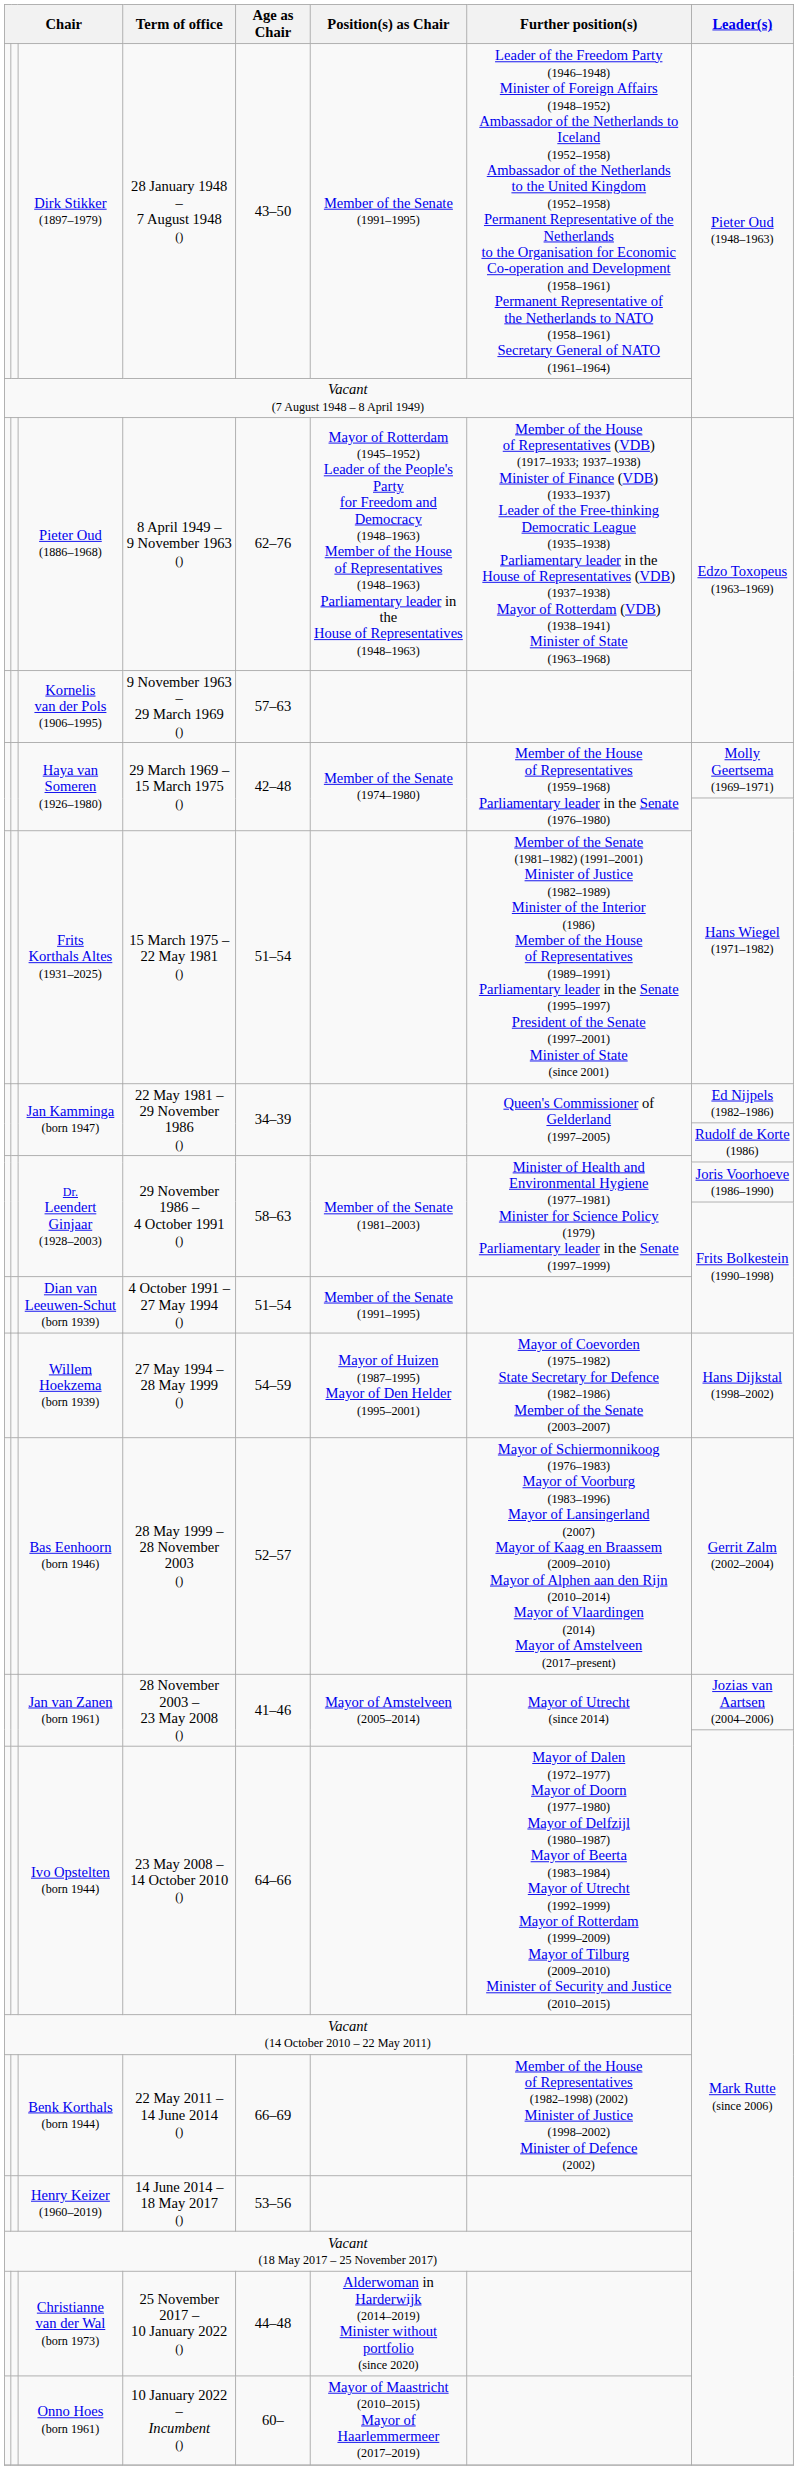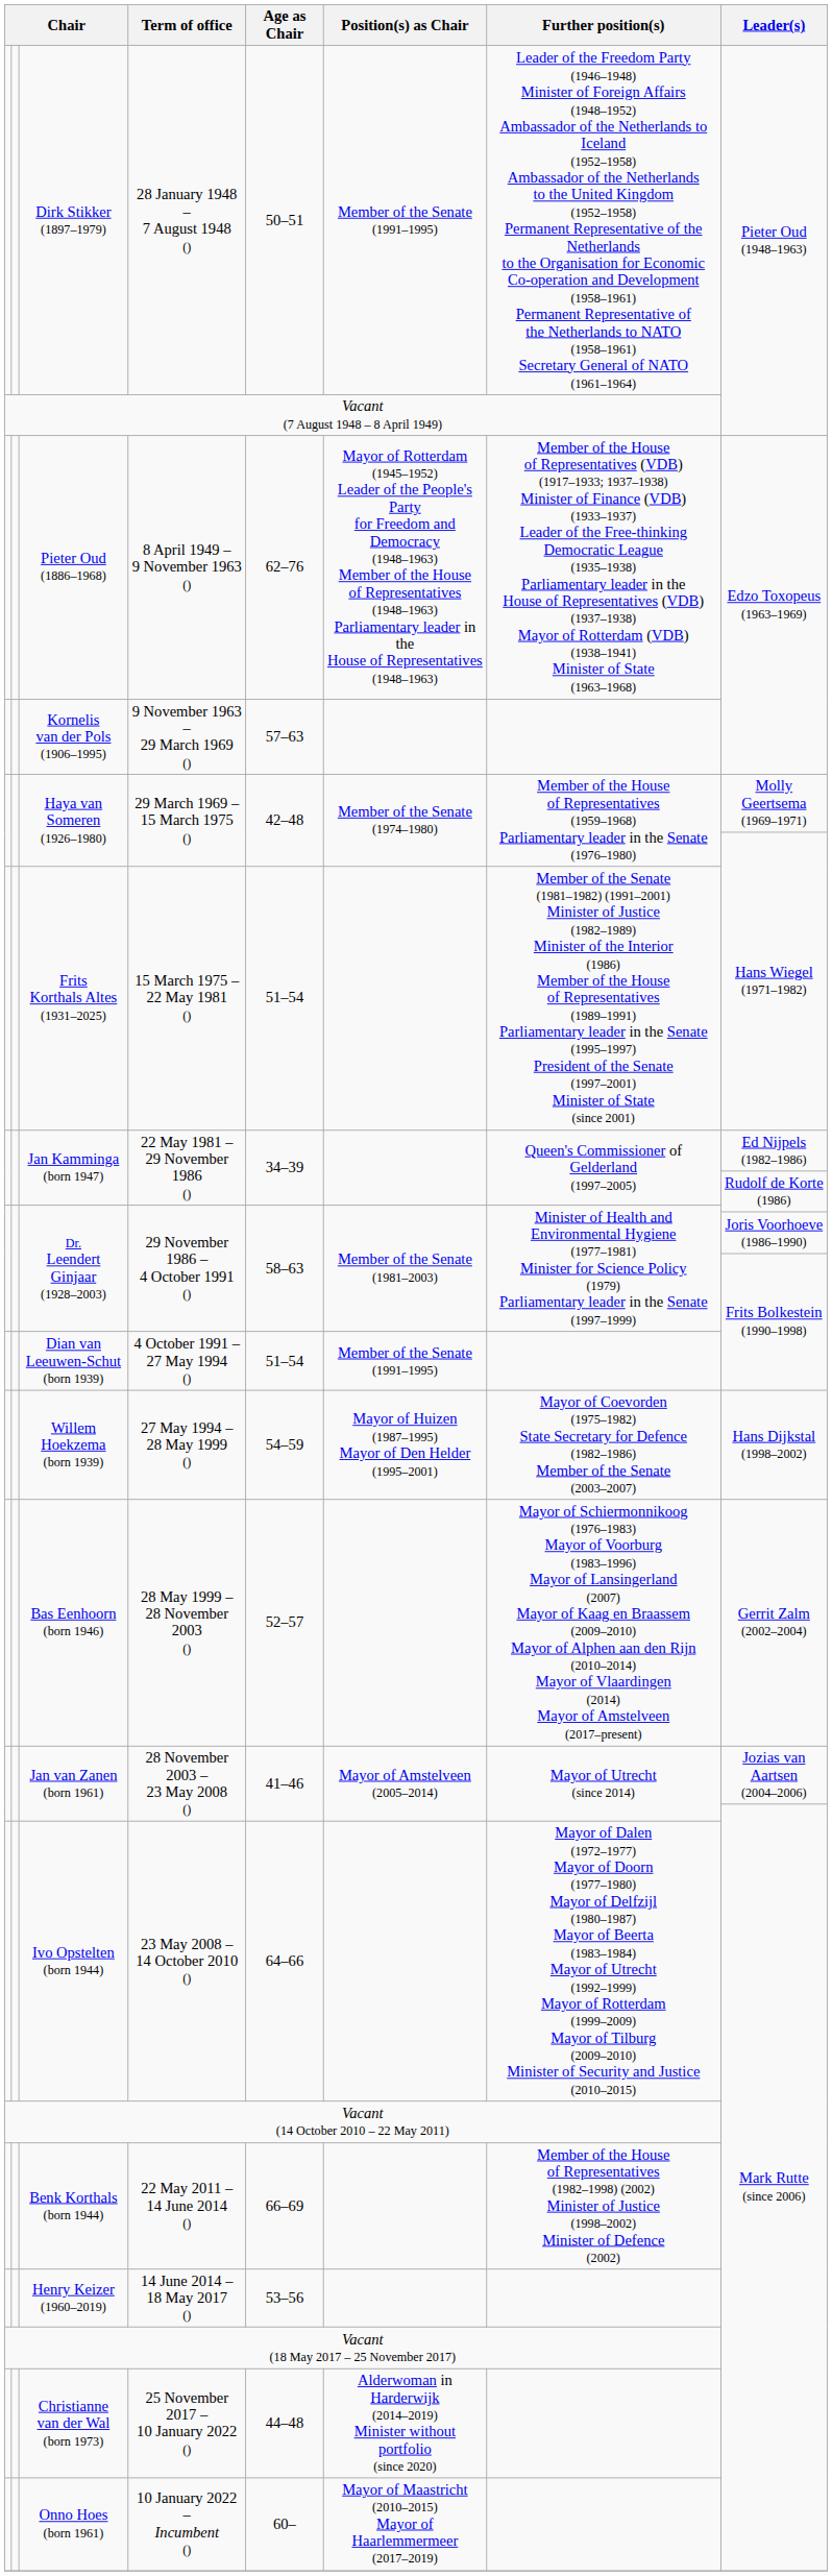 <table class="wikitable" style="text-align:center">
 <tr>
 <th colspan=3>Chair</th>
 <th>Term of office</th>
 <th>Age as Chair</th>
 <th>Position(s) as Chair</th>
 <th>Further position(s)</th>
 <th><a href='#'>Leader(s)</a></th>
 </tr>
 <tr>
 <td style="background:"></td>
 <td></td>
 <td><a href='#'>Dirk Stikker</a> <br> <small>(1897–1979)</small></td>
 <td>28 January 1948 – <br> 7 August 1948 <br> <small>()</small></td>
-<td>43–50</td>
+<td>50–51</td>
 <td><a href='#'>Member of the Senate</a> <br> <small>(1991–1995)</small></td>
 <td><a href='#'>Leader of the Freedom Party</a> <br> <small>(1946–1948)</small> <br> <a href='#'>Minister of Foreign Affairs</a> <br> <small>(1948–1952)</small> <br> <a href='#'>Ambassador of the Netherlands to Iceland</a> <br> <small>(1952–1958)</small> <br> <a href='#'>Ambassador of the Netherlands <br> to the United Kingdom</a> <br> <small>(1952–1958)</small> <br> <a href='#'>Permanent Representative of the Netherlands <br> to the Organisation for Economic <br> Co-operation and Development</a> <br> <small>(1958–1961)</small> <br> <a href='#'>Permanent Representative of <br> the Netherlands to NATO</a> <br> <small>(1958–1961)</small> <br> <a href='#'>Secretary General of NATO</a>  <br> <small>(1961–1964)</small></td>
 <td rowspan=3><a href='#'>Pieter Oud</a> <br> <small>(1948–1963)</small></td>
 </tr>
 <tr>
 <td colspan=7><em>Vacant</em> <br> <small>(7 August 1948 – 8 April 1949)</small></td>
 </tr>
 <tr>
 <td rowspan=2 style="background:"></td>
 <td rowspan=2></td>
 <td rowspan=2><a href='#'>Pieter Oud</a> <br> <small>(1886–1968)</small></td>
 <td rowspan=2>8 April 1949 – <br> 9 November 1963 <br> <small>()</small></td>
 <td rowspan=2>62–76</td>
 <td rowspan=2><a href='#'>Mayor of Rotterdam</a> <br> <small>(1945–1952)</small> <br> <a href='#'>Leader of the People's Party <br> for Freedom and Democracy</a> <br> <small>(1948–1963)</small> <br> <a href='#'>Member of the House <br> of Representatives</a> <br> <small>(1948–1963)</small> <br> <a href='#'>Parliamentary leader</a> in the <br> <a href='#'>House of Representatives</a> <br> <small>(1948–1963)</small></td>
 <td rowspan=2><a href='#'>Member of the House <br> of Representatives</a> (<a href='#'>VDB</a>) <br> <small>(1917–1933; 1937–1938)</small> <br> <a href='#'>Minister of Finance</a> (<a href='#'>VDB</a>) <br> <small>(1933–1937)</small> <br> <a href='#'>Leader of the Free-thinking <br> Democratic League</a> <br> <small>(1935–1938)</small> <br> <a href='#'>Parliamentary leader</a> in the <br> <a href='#'>House of Representatives</a> (<a href='#'>VDB</a>) <br> <small>(1937–1938)</small> <br> <a href='#'>Mayor of Rotterdam</a> (<a href='#'>VDB</a>) <br> <small>(1938–1941)</small> <br> <a href='#'>Minister of State</a> <br> <small>(1963–1968)</small></td>
 </tr>
 <tr>
 <td rowspan=3><a href='#'>Edzo Toxopeus</a> <br> <small>(1963–1969)</small></td>
 </tr>
 <tr>
 <td style="background:"></td>
 <td></td>
 <td><a href='#'>Kornelis <br> van der Pols</a> <br> <small>(1906–1995)</small></td>
 <td>9 November 1963 – <br> 29 March 1969 <br> <small>()</small></td>
 <td>57–63</td>
 <td></td>
 <td></td>
 </tr>
 <tr>
 <td rowspan=3 style="background:"></td>
 <td rowspan=3></td>
 <td rowspan=3><a href='#'>Haya van Someren</a> <br> <small>(1926–1980)</small></td>
 <td rowspan=3>29 March 1969 – <br> 15 March 1975 <br> <small>()</small></td>
 <td rowspan=3>42–48</td>
 <td rowspan=3><a href='#'>Member of the Senate</a> <br> <small>(1974–1980)</small></td>
 <td rowspan=3><a href='#'>Member of the House <br> of Representatives</a> <br> <small>(1959–1968)</small> <br> <a href='#'>Parliamentary leader</a> in the <a href='#'>Senate</a> <br> <small>(1976–1980)</small></td>
 </tr>
 <tr>
 <td><a href='#'>Molly Geertsema</a> <br> <small>(1969–1971)</small></td>
 </tr>
 <tr>
 <td rowspan=3><a href='#'>Hans Wiegel</a> <br> <small>(1971–1982)</small></td>
 </tr>
 <tr>
 <td style="background:"></td>
 <td></td>
 <td><a href='#'>Frits <br> Korthals Altes</a> <br> <small>(1931–2025)</small></td>
 <td>15 March 1975 – <br> 22 May 1981 <br> <small>()</small></td>
 <td>51–54</td>
 <td></td>
 <td><a href='#'>Member of the Senate</a> <br> <small>(1981–1982) (1991–2001)</small> <br> <a href='#'>Minister of Justice</a> <br> <small>(1982–1989)</small> <br> <a href='#'>Minister of the Interior</a> <br> <small>(1986)</small> <br> <a href='#'>Member of the House <br> of Representatives</a> <br> <small>(1989–1991)</small> <br> <a href='#'>Parliamentary leader</a> in the <a href='#'>Senate</a> <br> <small>(1995–1997)</small> <br> <a href='#'>President of the Senate</a> <br> <small>(1997–2001)</small> <br> <a href='#'>Minister of State</a> <br> <small>(since 2001)</small></td>
 </tr>
 <tr>
 <td rowspan=3 style="background:"></td>
 <td rowspan=3></td>
 <td rowspan=3><a href='#'>Jan Kamminga</a> <br> <small>(born 1947)</small></td>
 <td rowspan=3>22 May 1981 – <br> 29 November 1986 <br> <small>()</small></td>
 <td rowspan=3>34–39</td>
 <td rowspan=3></td>
 <td rowspan=3><a href='#'>Queen's Commissioner</a> of <a href='#'>Gelderland</a> <br> <small>(1997–2005)</small></td>
 </tr>
 <tr>
 <td><a href='#'>Ed Nijpels</a> <br> <small>(1982–1986)</small></td>
 </tr>
 <tr>
 <td rowspan=2><a href='#'>Rudolf de Korte</a> <br> <small>(1986)</small></td>
 </tr>
 <tr>
 <td rowspan=3 style="background:"></td>
 <td rowspan=3></td>
 <td rowspan=3><small><a href='#'>Dr.</a></small> <br> <a href='#'>Leendert Ginjaar</a> <br> <small>(1928–2003)</small></td>
 <td rowspan=3>29 November 1986 – <br> 4 October 1991 <br> <small>()</small></td>
 <td rowspan=3>58–63</td>
 <td rowspan=3><a href='#'>Member of the Senate</a> <br> <small>(1981–2003)</small></td>
 <td rowspan=3><a href='#'>Minister of Health and <br> Environmental Hygiene</a> <br> <small>(1977–1981)</small> <br> <a href='#'>Minister for Science Policy</a> <br> <small>(1979)</small> <br> <a href='#'>Parliamentary leader</a> in the <a href='#'>Senate</a> <br> <small>(1997–1999)</small></td>
 </tr>
 <tr>
 <td><a href='#'>Joris Voorhoeve</a> <br> <small>(1986–1990)</small></td>
 </tr>
 <tr>
 <td rowspan=3><a href='#'>Frits Bolkestein</a> <br> <small>(1990–1998)</small></td>
 </tr>
 <tr>
 <td style="background:"></td>
 <td></td>
 <td><a href='#'>Dian van <br> Leeuwen-Schut</a> <br> <small>(born 1939)</small></td>
 <td>4 October 1991 – <br> 27 May 1994 <br> <small>()</small></td>
 <td>51–54</td>
 <td><a href='#'>Member of the Senate</a> <br> <small>(1991–1995)</small></td>
 <td></td>
 </tr>
 <tr>
 <td rowspan=2 style="background:"></td>
 <td rowspan=2></td>
 <td rowspan=2><a href='#'>Willem Hoekzema</a> <br> <small>(born 1939)</small></td>
 <td rowspan=2>27 May 1994 – <br> 28 May 1999 <br> <small>()</small></td>
 <td rowspan=2>54–59</td>
 <td rowspan=2><a href='#'>Mayor of Huizen</a> <br> <small>(1987–1995)</small> <br> <a href='#'>Mayor of Den Helder</a> <br> <small>(1995–2001)</small></td>
 <td rowspan=2><a href='#'>Mayor of Coevorden</a> <br> <small>(1975–1982)</small> <br> <a href='#'>State Secretary for Defence</a> <br> <small>(1982–1986)</small> <br> <a href='#'>Member of the Senate</a> <br> <small>(2003–2007)</small></td>
 </tr>
 <tr>
 <td rowspan=2><a href='#'>Hans Dijkstal</a> <br> <small>(1998–2002)</small></td>
 </tr>
 <tr>
 <td rowspan=2 style="background:"></td>
 <td rowspan=2></td>
 <td rowspan=2><a href='#'>Bas Eenhoorn</a> <br> <small>(born 1946)</small></td>
 <td rowspan=2>28 May 1999 – <br> 28 November 2003 <br> <small>()</small></td>
 <td rowspan=2>52–57</td>
 <td rowspan=2></td>
 <td rowspan=2><a href='#'>Mayor of Schiermonnikoog</a> <br> <small>(1976–1983)</small> <br> <a href='#'>Mayor of Voorburg</a> <br> <small>(1983–1996)</small> <br> <a href='#'>Mayor of Lansingerland</a> <br> <small>(2007)</small> <br> <a href='#'>Mayor of Kaag en Braassem</a> <br> <small>(2009–2010)</small> <br> <a href='#'>Mayor of Alphen aan den Rijn</a> <br> <small>(2010–2014)</small> <br> <a href='#'>Mayor of Vlaardingen</a> <br> <small>(2014)</small> <br> <a href='#'>Mayor of Amstelveen</a> <br> <small>(2017–present)</small></td>
 </tr>
 <tr>
 <td rowspan=2><a href='#'>Gerrit Zalm</a> <br> <small>(2002–2004)</small></td>
 </tr>
 <tr>
 <td rowspan=3 style="background:"></td>
 <td rowspan=3></td>
 <td rowspan=3><a href='#'>Jan van Zanen</a> <br> <small>(born 1961)</small></td>
 <td rowspan=3>28 November 2003 – <br> 23 May 2008 <br> <small>()</small></td>
 <td rowspan=3>41–46</td>
 <td rowspan=3><a href='#'>Mayor of Amstelveen</a> <br> <small>(2005–2014)</small></td>
 <td rowspan=3><a href='#'>Mayor of Utrecht</a> <br> <small>(since 2014)</small></td>
 </tr>
 <tr>
 <td><a href='#'>Jozias van Aartsen</a> <br> <small>(2004–2006)</small></td>
 </tr>
 <tr>
 <td rowspan=8><a href='#'>Mark Rutte</a> <br> <small>(since 2006)</small></td>
 </tr>
 <tr>
 <td style="background:"></td>
 <td></td>
 <td><a href='#'>Ivo Opstelten</a> <br> <small>(born 1944)</small></td>
 <td>23 May 2008 – <br> 14 October 2010 <br> <small>()</small> </td>
 <td>64–66</td>
 <td></td>
 <td><a href='#'>Mayor of Dalen</a> <br> <small>(1972–1977)</small> <br> <a href='#'>Mayor of Doorn</a> <br> <small>(1977–1980)</small> <br> <a href='#'>Mayor of Delfzijl</a> <br> <small>(1980–1987)</small> <br> <a href='#'>Mayor of Beerta</a> <br> <small>(1983–1984)</small> <br> <a href='#'>Mayor of Utrecht</a> <br> <small>(1992–1999)</small> <br> <a href='#'>Mayor of Rotterdam</a> <br> <small>(1999–2009)</small> <br> <a href='#'>Mayor of Tilburg</a> <br> <small>(2009–2010)</small> <br> <a href='#'>Minister of Security and Justice</a> <br> <small>(2010–2015)</small></td>
 </tr>
 <tr>
 <td colspan=7><em>Vacant</em> <br> <small>(14 October 2010 – 22 May 2011)</small></td>
 </tr>
 <tr>
 <td style="background:"></td>
 <td></td>
 <td><a href='#'>Benk Korthals</a> <br> <small>(born 1944)</small></td>
 <td>22 May 2011 – <br> 14 June 2014 <br> <small>()</small></td>
 <td>66–69</td>
 <td></td>
 <td><a href='#'>Member of the House <br> of Representatives</a> <br> <small>(1982–1998) (2002)</small> <br> <a href='#'>Minister of Justice</a> <br> <small>(1998–2002)</small> <br> <a href='#'>Minister of Defence</a> <br> <small>(2002)</small></td>
 </tr>
 <tr>
 <td style="background:"></td>
 <td></td>
 <td><a href='#'>Henry Keizer</a> <br> <small>(1960–2019)</small></td>
 <td>14 June 2014 – <br> 18 May 2017 <br> <small>()</small></td>
 <td>53–56</td>
 <td></td>
 <td></td>
 </tr>
 <tr>
 <td colspan=7><em>Vacant</em> <br> <small>(18 May 2017 – 25 November 2017)</small></td>
 </tr>
 <tr>
 <td style="background:"></td>
 <td></td>
 <td><a href='#'>Christianne <br> van der Wal</a> <br> <small>(born 1973)</small></td>
 <td>25 November 2017 – <br> 10 January 2022 <br> <small>()</small></td>
 <td>44–48</td>
 <td><a href='#'>Alderwoman</a> in <a href='#'>Harderwijk</a> <br> <small>(2014–2019)</small> <br> <a href='#'>Minister without portfolio</a> <br> <small>(since 2020)</small></td>
 <td></td>
 </tr>
 <tr>
 <td style="background:"></td>
 <td></td>
 <td><a href='#'>Onno Hoes</a> <br> <small>(born 1961)</small></td>
 <td>10 January 2022 – <br> <em>Incumbent</em> <br> <small>()</small></td>
 <td>60–</td>
 <td><a href='#'>Mayor of Maastricht</a> <br> <small>(2010–2015)</small> <br> <a href='#'>Mayor of Haarlemmermeer</a> <br> <small>(2017–2019)</small></td>
 <td></td>
 </tr>
 <tr>
 </tr>
 </table>
